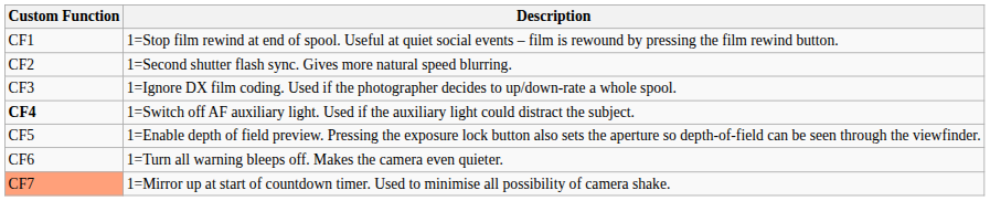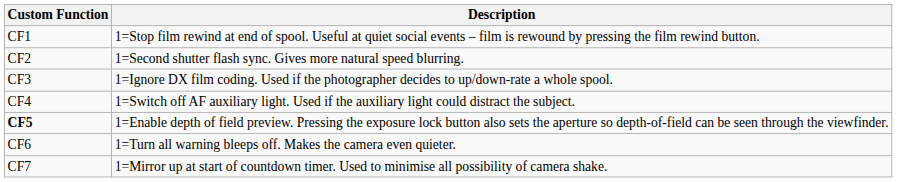 <table class="wikitable" border="1">
 <tr>
 <th>Custom Function</th>
 <th>Description</th>
 </tr>
 <tr>
 <td>CF1</td>
 <td>1=Stop film rewind at end of spool. Useful at quiet social events – film is rewound by pressing the film rewind button.</td>
 </tr>
 <tr>
 <td>CF2</td>
 <td>1=Second shutter flash sync. Gives more natural speed blurring.</td>
 </tr>
 <tr>
 <td>CF3</td>
 <td>1=Ignore DX film coding. Used if the photographer decides to up/down-rate a whole spool.</td>
 </tr>
 <tr>
-<td><strong>CF4</strong></td>
+<td>CF4</td>
 <td>1=Switch off AF auxiliary light. Used if the auxiliary light could distract the subject.</td>
 </tr>
 <tr>
-<td>CF5</td>
+<td><strong>CF5</strong></td>
 <td>1=Enable depth of field preview. Pressing the exposure lock button also sets the aperture so depth-of-field can be seen through the viewfinder.</td>
 </tr>
 <tr>
 <td>CF6</td>
 <td>1=Turn all warning bleeps off. Makes the camera even quieter.</td>
 </tr>
 <tr>
-<td style="background: lightsalmon;">CF7</td>
+<td>CF7</td>
 <td>1=Mirror up at start of countdown timer. Used to minimise all possibility of camera shake.</td>
 </tr>
 </table>
